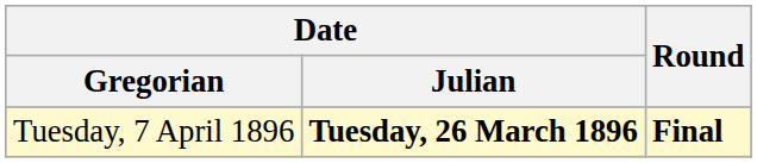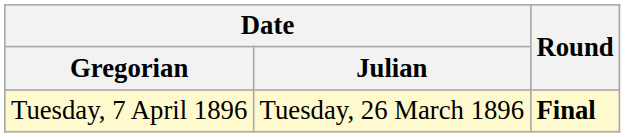 <table class="wikitable">
 <tr>
 <th colspan=2>Date</th>
 <th rowspan=2>Round</th>
 </tr>
 <tr>
 <th>Gregorian</th>
 <th>Julian</th>
 </tr>
 <tr style=background:lemonchiffon>
 <td>Tuesday, 7 April 1896</td>
-<td><strong>Tuesday, 26 March 1896</strong></td>
+<td>Tuesday, 26 March 1896</td>
 <td><strong>Final</strong></td>
 </tr>
 </table>
